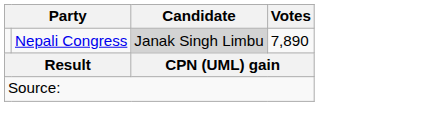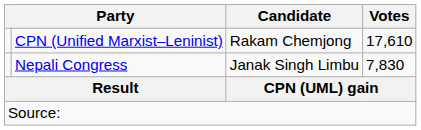 <table class="wikitable">
 <tr>
 <th colspan="2">Party</th>
 <th>Candidate</th>
 <th>Votes</th>
 </tr>
 <tr>
 <td style="background-color:"></td>
+<td><a href='#'>CPN (Unified Marxist–Leninist)</a></td>
+<td>Rakam Chemjong</td>
+<td>17,610</td>
+</tr>
+<tr>
+<td style="background-color:"></td>
 <td><a href='#'>Nepali Congress</a></td>
-<td style="background: lightgrey;">Janak Singh Limbu</td>
-<td>7,890</td>
+<td>Janak Singh Limbu</td>
+<td>7,830</td>
 </tr>
 <tr>
 <th colspan="2">Result</th>
 <th colspan="2">CPN (UML) gain</th>
 </tr>
 <tr>
 <td colspan="4">Source: </td>
 </tr>
 </table>
